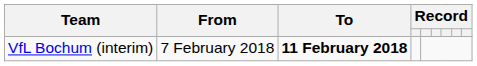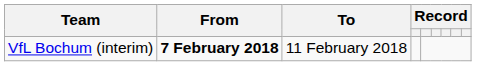 <table class="wikitable" style="text-align: center">
 <tr>
 <th rowspan="2">Team</th>
 <th rowspan="2">From</th>
 <th rowspan="2">To</th>
 <th colspan="6">Record</th>
 </tr>
 <tr>
 <th></th>
 <th></th>
 <th></th>
 <th></th>
 <th></th>
 <th></th>
 </tr>
 <tr>
 <td><a href='#'>VfL Bochum</a> (interim)</td>
-<td>7 February 2018</td>
-<td><strong>11 February 2018<br></strong></td>
+<td><strong>7 February 2018</strong></td>
+<td>11 February 2018<br></td>
 <td></td>
 </tr>
 </table>
